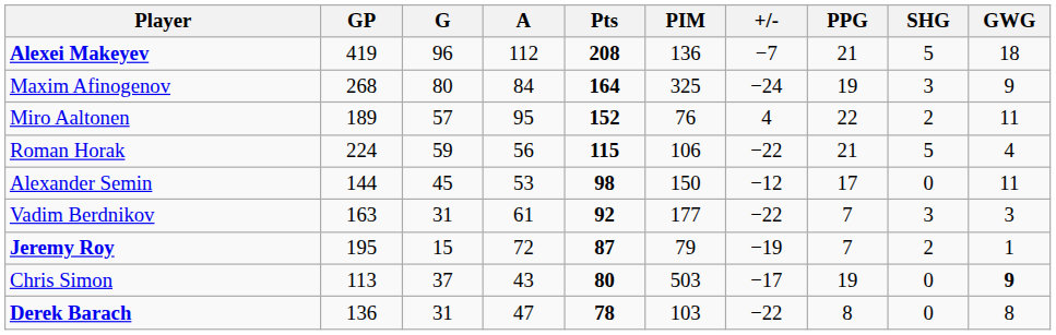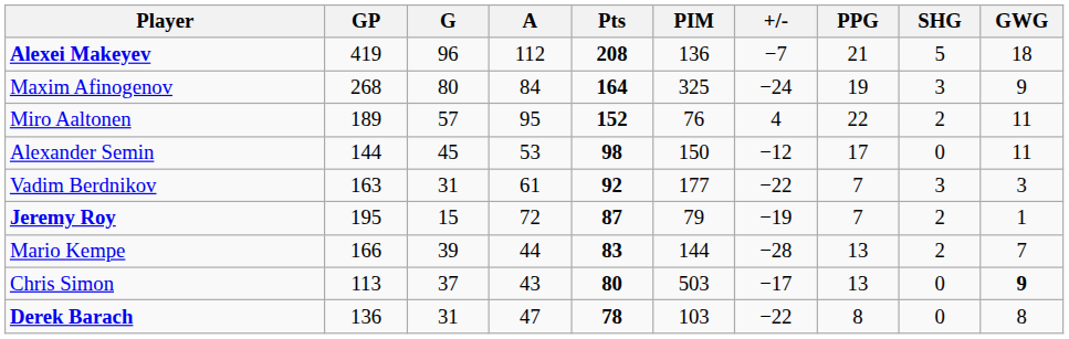 <table class="wikitable">
 <tr>
 <th style="align:left; width: 15em;">Player</th>
 <th style="width: 3.5em;">GP</th>
 <th style="width: 3.5em;">G</th>
 <th style="width: 3.5em;">A</th>
 <th style="width: 3.5em;">Pts</th>
 <th style="width: 3.5em;">PIM</th>
 <th style="width: 3.5em;">+/-</th>
 <th style="width: 3.5em;">PPG</th>
 <th style="width: 3.5em;">SHG</th>
 <th style="width: 3.5em;">GWG</th>
 </tr>
 <tr style="text-align:center;">
 <td style="text-align:left;"> <strong><a href='#'>Alexei Makeyev</a></strong></td>
 <td>419</td>
 <td>96</td>
 <td>112</td>
 <td><strong>208</strong></td>
 <td>136</td>
 <td>−7</td>
 <td>21</td>
 <td>5</td>
 <td>18</td>
 </tr>
 <tr style="text-align:center;">
 <td style="text-align:left;"> <a href='#'>Maxim Afinogenov</a></td>
 <td>268</td>
 <td>80</td>
 <td>84</td>
 <td><strong>164</strong></td>
 <td>325</td>
 <td>−24</td>
 <td>19</td>
 <td>3</td>
 <td>9</td>
 </tr>
 <tr style="text-align:center;">
 <td style="text-align:left;"> <a href='#'>Miro Aaltonen</a></td>
 <td>189</td>
 <td>57</td>
 <td>95</td>
 <td><strong>152</strong></td>
 <td>76</td>
 <td>4</td>
 <td>22</td>
 <td>2</td>
 <td>11</td>
 </tr>
 <tr style="text-align:center;">
-<td style="text-align:left;"> <a href='#'>Roman Horak</a></td>
-<td>224</td>
-<td>59</td>
-<td>56</td>
-<td><strong>115</strong></td>
-<td>106</td>
-<td>−22</td>
-<td>21</td>
-<td>5</td>
-<td>4</td>
-</tr>
-<tr style="text-align:center;">
 <td style="text-align:left;"> <a href='#'>Alexander Semin</a></td>
 <td>144</td>
 <td>45</td>
 <td>53</td>
 <td><strong>98</strong></td>
 <td>150</td>
 <td>−12</td>
 <td>17</td>
 <td>0</td>
 <td>11</td>
 </tr>
 <tr style="text-align:center;">
 <td style="text-align:left;"> <a href='#'>Vadim Berdnikov</a></td>
 <td>163</td>
 <td>31</td>
 <td>61</td>
 <td><strong>92</strong></td>
 <td>177</td>
 <td>−22</td>
 <td>7</td>
 <td>3</td>
 <td>3</td>
 </tr>
 <tr style="text-align:center;">
 <td style="text-align:left;"> <strong><a href='#'>Jeremy Roy</a></strong></td>
 <td>195</td>
 <td>15</td>
 <td>72</td>
 <td><strong>87</strong></td>
 <td>79</td>
 <td>−19</td>
 <td>7</td>
 <td>2</td>
 <td>1</td>
 </tr>
 <tr style="text-align:center;">
+<td style="text-align:left;"> <a href='#'>Mario Kempe</a></td>
+<td>166</td>
+<td>39</td>
+<td>44</td>
+<td><strong>83</strong></td>
+<td>144</td>
+<td>−28</td>
+<td>13</td>
+<td>2</td>
+<td>7</td>
+</tr>
+<tr style="text-align:center;">
 <td style="text-align:left;"> <a href='#'>Chris Simon</a></td>
 <td>113</td>
 <td>37</td>
 <td>43</td>
 <td><strong>80</strong></td>
 <td>503</td>
 <td>−17</td>
-<td>19</td>
+<td>13</td>
 <td>0</td>
 <td><strong>9</strong></td>
 </tr>
 <tr style="text-align:center;">
 <td style="text-align:left;"> <strong><a href='#'>Derek Barach</a></strong></td>
 <td>136</td>
 <td>31</td>
 <td>47</td>
 <td><strong>78</strong></td>
 <td>103</td>
 <td>−22</td>
 <td>8</td>
 <td>0</td>
 <td>8</td>
 </tr>
 </table>
